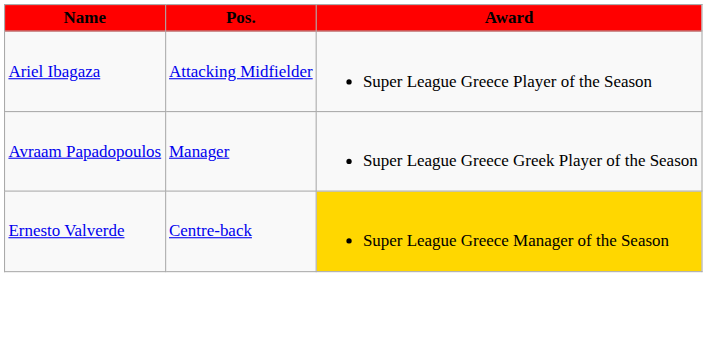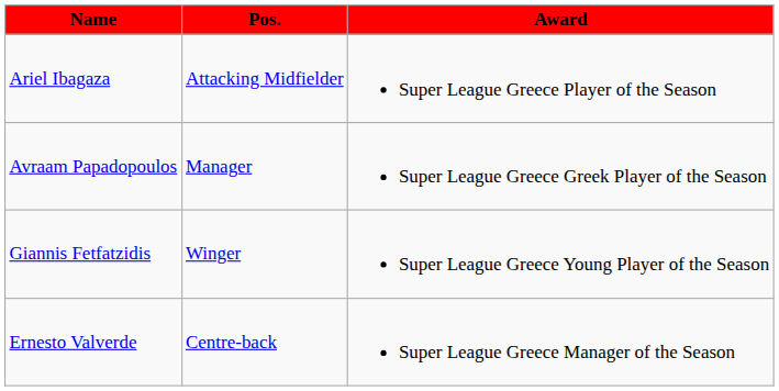 <table class="wikitable">
 <tr>
 <th style="background:#FF0000;">Name</th>
 <th style="background:#FF0000;">Pos.</th>
 <th style="background:#FF0000; !"><strong>Award</strong></th>
 </tr>
 <tr>
 <td> <a href='#'>Ariel Ibagaza</a></td>
 <td><a href='#'>Attacking Midfielder</a></td>
 <td><br><ul><li>Super League Greece Player of the Season</li></ul></td>
 </tr>
 <tr>
 <td> <a href='#'>Avraam Papadopoulos</a></td>
 <td><a href='#'>Manager</a></td>
 <td><br><ul><li>Super League Greece Greek Player of the Season</li></ul></td>
 </tr>
 <tr>
+<td> <a href='#'>Giannis Fetfatzidis</a></td>
+<td><a href='#'>Winger</a></td>
+<td><br><ul><li>Super League Greece Young Player of the Season</li></ul></td>
+</tr>
+<tr>
 <td> <a href='#'>Ernesto Valverde</a></td>
 <td><a href='#'>Centre-back</a></td>
-<td style="background: gold;"><br><ul><li>Super League Greece Manager of the Season</li></ul></td>
+<td><br><ul><li>Super League Greece Manager of the Season</li></ul></td>
 </tr>
 </table>
